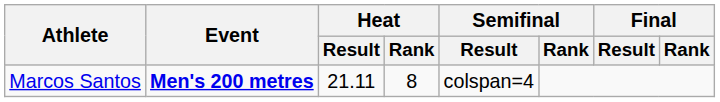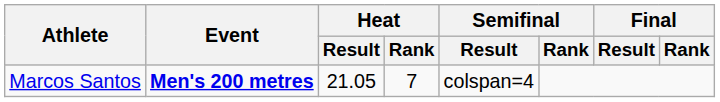 <table class="wikitable" style="font-size:90%">
 <tr>
 <th rowspan="2">Athlete</th>
 <th rowspan="2">Event</th>
 <th colspan="2">Heat</th>
 <th colspan="2">Semifinal</th>
 <th colspan="2">Final</th>
 </tr>
 <tr style="font-size:95%">
 <th>Result</th>
 <th>Rank</th>
 <th>Result</th>
 <th>Rank</th>
 <th>Result</th>
 <th>Rank</th>
 </tr>
 <tr align=center>
 <td align=left><a href='#'>Marcos Santos</a></td>
 <td align=left><strong><a href='#'>Men's 200 metres</a></strong></td>
-<td>21.11 </td>
-<td>8</td>
+<td>21.05 </td>
+<td>7</td>
 <td>colspan=4 </td>
 </tr>
 </table>
